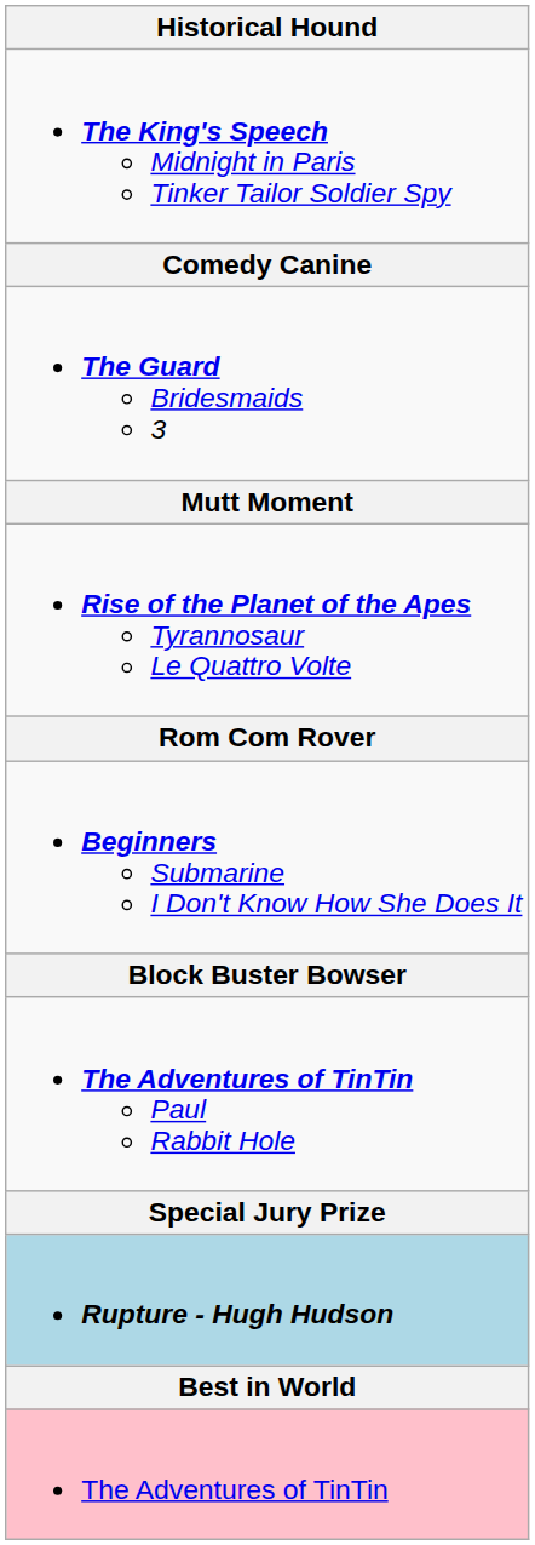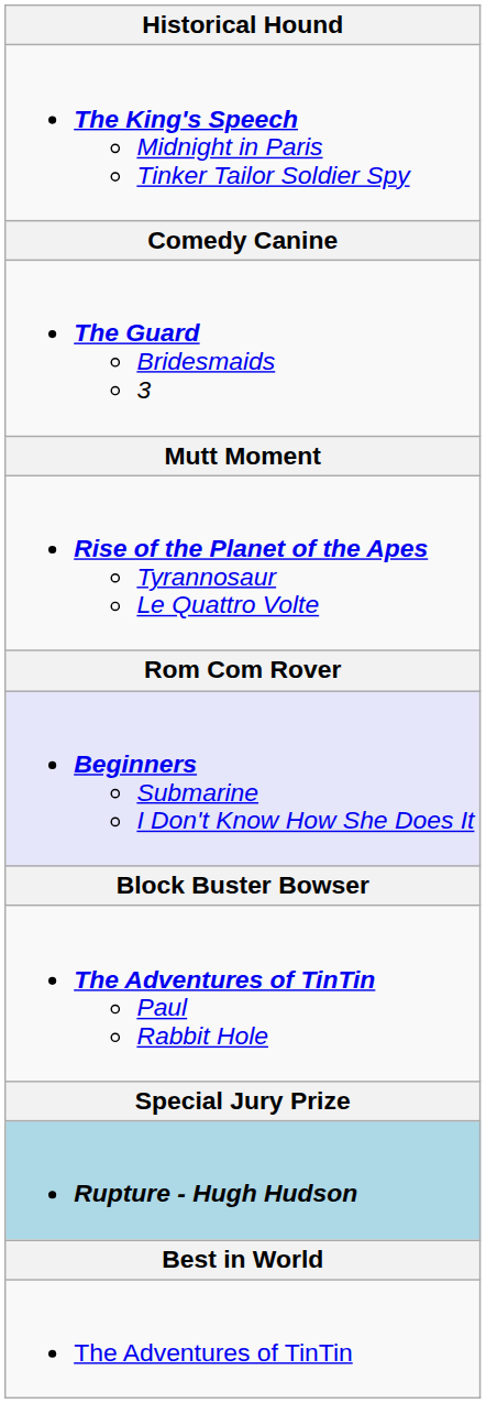 <table class="wikitable">
 <tr>
 <th><strong>Historical Hound</strong></th>
 </tr>
 <tr>
 <td><br><ul><li><strong><em><a href='#'>The King's Speech</a></em></strong><ul><li><em><a href='#'>Midnight in Paris</a></em></li><li><a href='#'><em>Tinker Tailor Soldier Spy</em></a></li></ul></li></ul></td>
 </tr>
 <tr>
 <th>Comedy Canine</th>
 </tr>
 <tr>
 <td><br><ul><li><strong><a href='#'><em>The Guard</em></a></strong><ul><li><a href='#'><em>Bridesmaids</em></a></li><li><em>3</em></li></ul></li></ul></td>
 </tr>
 <tr>
 <th>Mutt Moment</th>
 </tr>
 <tr>
 <td><br><ul><li><strong><em><a href='#'>Rise of the Planet of the Apes</a></em></strong><ul><li><a href='#'><em>Tyrannosaur</em></a></li><li><a href='#'><em>Le Quattro Volte</em></a></li></ul></li></ul></td>
 </tr>
 <tr>
 <th>Rom Com Rover</th>
 </tr>
 <tr>
-<td><br><ul><li><strong><em><a href='#'>Beginners</a></em></strong><ul><li><a href='#'><em>Submarine</em></a></li><li><em><a href='#'>I Don't Know How She Does It</a></em></li></ul></li></ul></td>
+<td style="background: lavender;"><br><ul><li><strong><em><a href='#'>Beginners</a></em></strong><ul><li><a href='#'><em>Submarine</em></a></li><li><em><a href='#'>I Don't Know How She Does It</a></em></li></ul></li></ul></td>
 </tr>
 <tr>
 <th>Block Buster Bowser</th>
 </tr>
 <tr>
 <td><br><ul><li><strong><a href='#'><em>The Adventures of TinTin</em></a></strong><ul><li><a href='#'><em>Paul</em></a></li><li><a href='#'><em>Rabbit Hole</em></a></li></ul></li></ul></td>
 </tr>
 <tr>
 <th>Special Jury Prize</th>
 </tr>
 <tr>
 <td style="background: lightblue;"><br><ul><li><strong><em>Rupture<strong> - Hugh Hudson<em></li></ul></td>
 </tr>
 <tr>
 <th>Best in World</th>
 </tr>
 <tr>
-<td style="background: pink;"><br><ul><li></strong><a href='#'></em>The Adventures of TinTin<em></a><strong></li></ul></td>
+<td><br><ul><li></strong><a href='#'></em>The Adventures of TinTin<em></a><strong></li></ul></td>
 </tr>
 </table>
